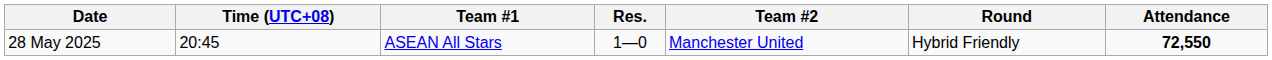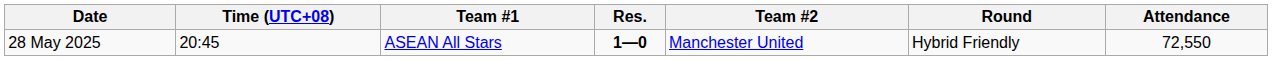 <table class="wikitable" style="text-align:left; width:100%;">
 <tr>
 <th>Date</th>
 <th>Time (<a href='#'>UTC+08</a>)</th>
 <th>Team #1</th>
 <th>Res.</th>
 <th>Team #2</th>
 <th>Round</th>
 <th>Attendance</th>
 </tr>
 <tr>
 <td>28 May 2025</td>
 <td>20:45</td>
 <td> <a href='#'>ASEAN All Stars</a></td>
-<td style="text-align:center;">1—0</td>
+<td style="text-align:center;"><strong>1—0</strong></td>
 <td> <a href='#'>Manchester United</a></td>
 <td>Hybrid Friendly</td>
-<td style="text-align:center;"><strong>72,550</strong></td>
+<td style="text-align:center;">72,550</td>
 </tr>
 </table>
